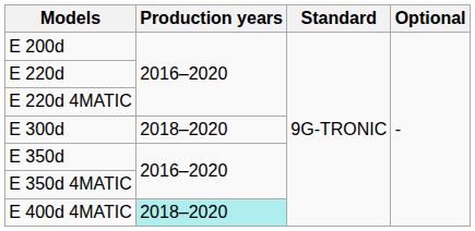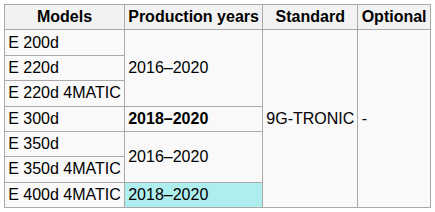 <table class="wikitable">
 <tr>
 <th>Models</th>
 <th>Production years</th>
 <th>Standard</th>
 <th>Optional</th>
 </tr>
 <tr>
 <td>E 200d</td>
 <td rowspan="3">2016–2020</td>
 <td rowspan="7">9G-TRONIC</td>
 <td rowspan="7">-</td>
 </tr>
 <tr>
 <td>E 220d</td>
 </tr>
 <tr>
 <td>E 220d 4MATIC</td>
 </tr>
 <tr>
 <td>E 300d</td>
-<td>2018–2020</td>
+<td><strong>2018–2020</strong></td>
 </tr>
 <tr>
 <td>E 350d</td>
 <td rowspan="2">2016–2020</td>
 </tr>
 <tr>
 <td>E 350d 4MATIC</td>
 </tr>
 <tr>
 <td>E 400d 4MATIC</td>
 <td style="background: paleturquoise;">2018–2020</td>
 </tr>
 </table>
